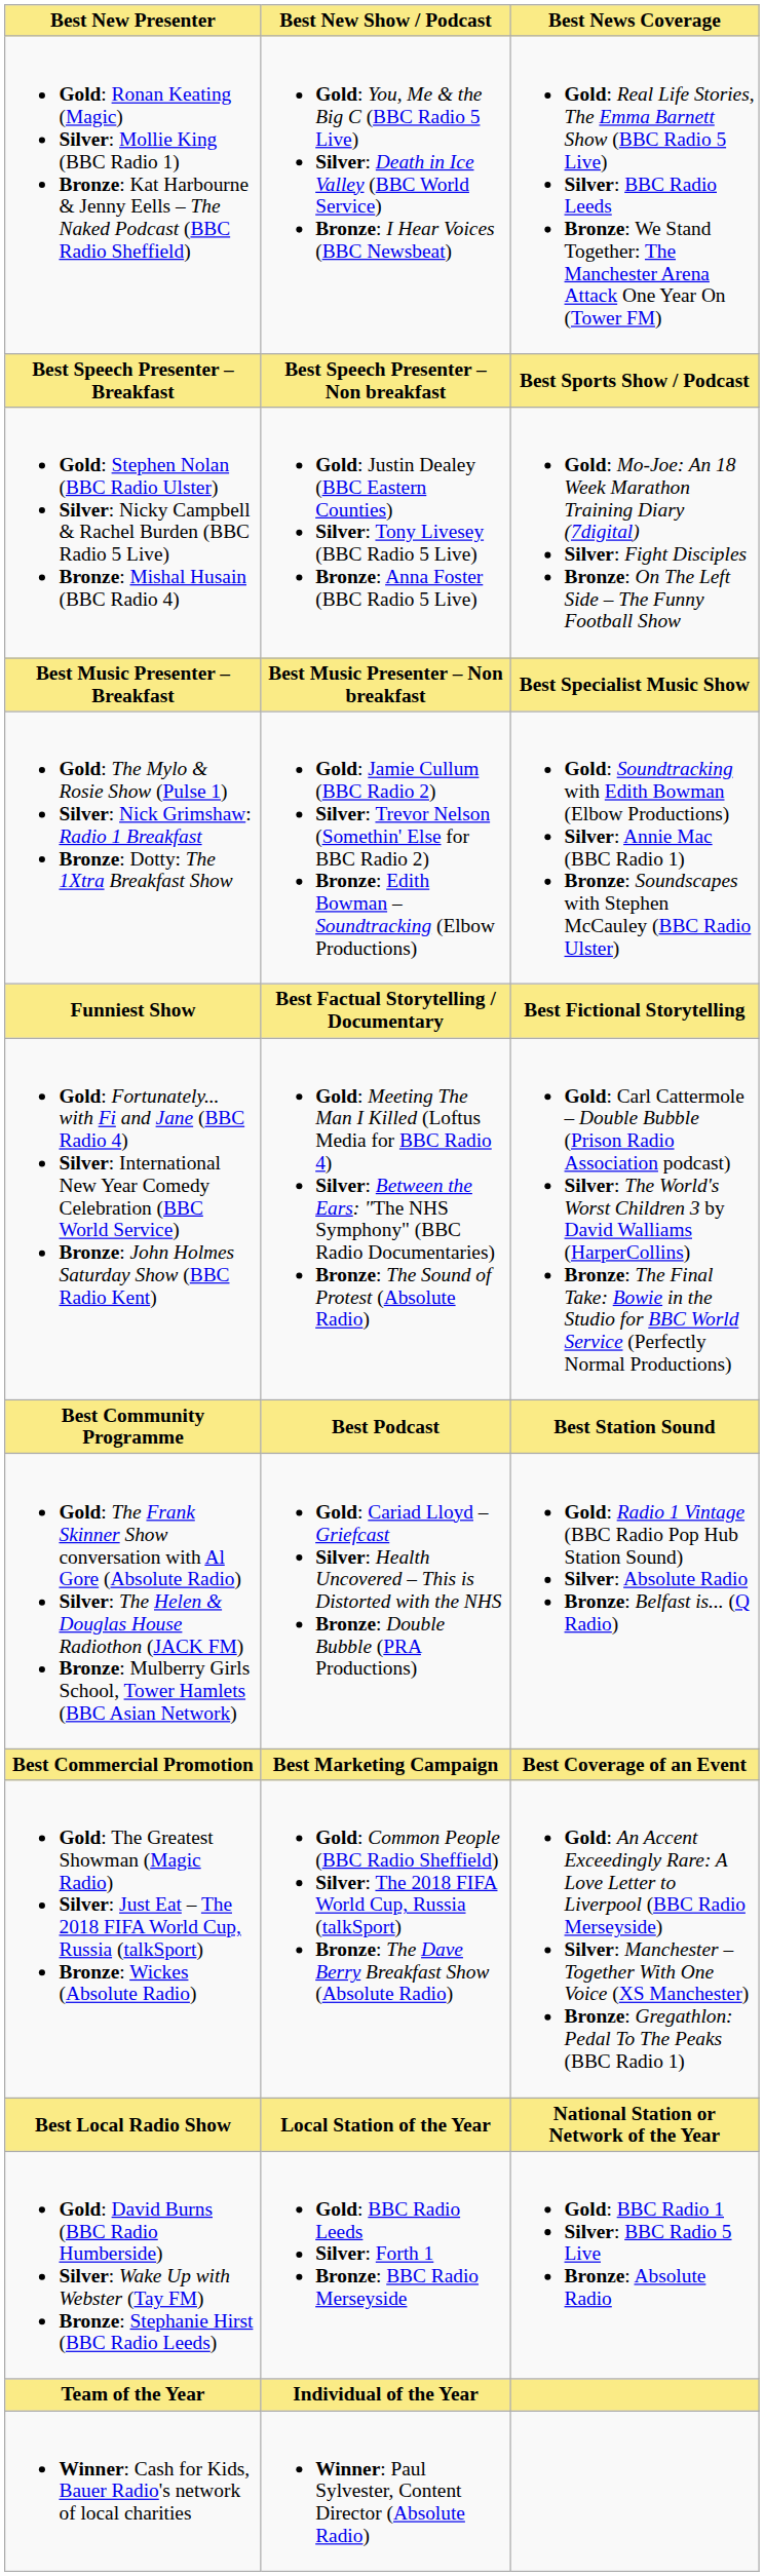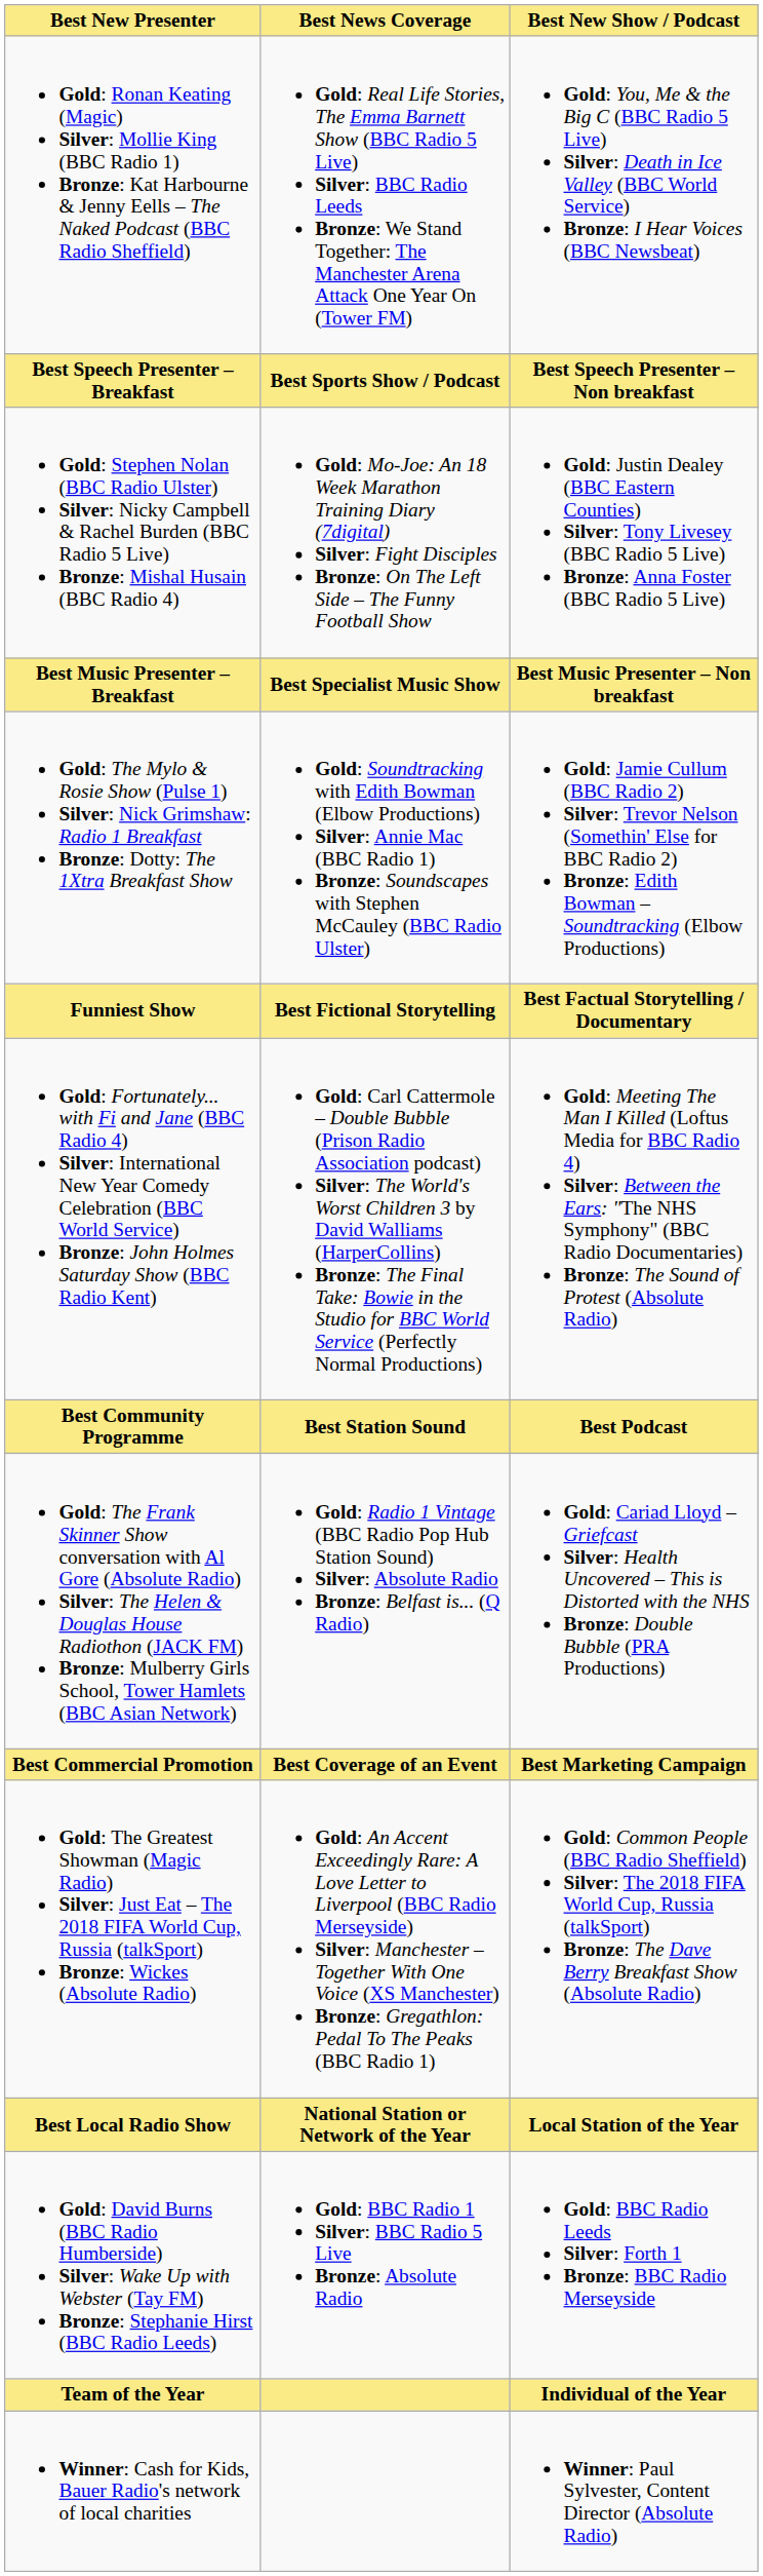 <table class=wikitable style=font-size:100%>
 <tr>
 <th style="background:#FAEB86;" width="34%">Best New Presenter</th>
+<th style="background:#FAEB86;" width="33%">Best News Coverage</th>
 <th style="background:#FAEB86;" width="33%">Best New Show / Podcast</th>
-<th style="background:#FAEB86;" width="33%">Best News Coverage</th>
 </tr>
 <tr>
 <td valign="top"><br><ul><li><strong>Gold</strong>: <a href='#'>Ronan Keating</a> (<a href='#'>Magic</a>)</li><li><strong>Silver</strong>: <a href='#'>Mollie King</a> (BBC Radio 1)</li><li><strong>Bronze</strong>: Kat Harbourne & Jenny Eells – <em>The Naked Podcast</em> (<a href='#'>BBC Radio Sheffield</a>)</li></ul></td>
+<td valign="top"><br><ul><li><strong>Gold</strong>: <em>Real Life Stories</em>, <em>The <a href='#'>Emma Barnett</a> Show</em> (<a href='#'>BBC Radio 5 Live</a>)</li><li><strong>Silver</strong>: <a href='#'>BBC Radio Leeds</a></li><li><strong>Bronze</strong>: We Stand Together: <a href='#'>The Manchester Arena Attack</a> One Year On (<a href='#'>Tower FM</a>)</li></ul></td>
 <td valign="top"><br><ul><li><strong>Gold</strong>: <em>You, Me & the Big C</em> (<a href='#'>BBC Radio 5 Live</a>)</li><li><strong>Silver</strong>: <em><a href='#'>Death in Ice Valley</a></em> (<a href='#'>BBC World Service</a>)</li><li><strong>Bronze</strong>: <em>I Hear Voices</em> (<a href='#'>BBC Newsbeat</a>)</li></ul></td>
-<td valign="top"><br><ul><li><strong>Gold</strong>: <em>Real Life Stories</em>, <em>The <a href='#'>Emma Barnett</a> Show</em> (<a href='#'>BBC Radio 5 Live</a>)</li><li><strong>Silver</strong>: <a href='#'>BBC Radio Leeds</a></li><li><strong>Bronze</strong>: We Stand Together: <a href='#'>The Manchester Arena Attack</a> One Year On (<a href='#'>Tower FM</a>)</li></ul></td>
 </tr>
 <tr>
 <th style="background:#FAEB86;" width="34%">Best Speech Presenter – Breakfast</th>
+<th style="background:#FAEB86;" width="33%">Best Sports Show / Podcast</th>
 <th style="background:#FAEB86;" width="33%">Best Speech Presenter – Non breakfast</th>
-<th style="background:#FAEB86;" width="33%">Best Sports Show / Podcast</th>
 </tr>
 <tr>
 <td valign="top"><br><ul><li><strong>Gold</strong>: <a href='#'>Stephen Nolan</a> (<a href='#'>BBC Radio Ulster</a>)</li><li><strong>Silver</strong>: Nicky Campbell & Rachel Burden (BBC Radio 5 Live)</li><li><strong>Bronze</strong>: <a href='#'>Mishal Husain</a> (BBC Radio 4)</li></ul></td>
+<td valign="top"><br><ul><li><strong>Gold</strong>: <em>Mo-Joe: An 18 Week Marathon Training Diary (<a href='#'>7digital</a>)</em></li><li><strong>Silver</strong>: <em>Fight Disciples</em></li><li><strong>Bronze</strong>: <em>On The Left Side – The Funny Football Show</em></li></ul></td>
 <td valign="top"><br><ul><li><strong>Gold</strong>: Justin Dealey (<a href='#'>BBC Eastern Counties</a>)</li><li><strong>Silver</strong>: <a href='#'>Tony Livesey</a> (BBC Radio 5 Live)</li><li><strong>Bronze</strong>: <a href='#'>Anna Foster</a> (BBC Radio 5 Live)</li></ul></td>
-<td valign="top"><br><ul><li><strong>Gold</strong>: <em>Mo-Joe: An 18 Week Marathon Training Diary (<a href='#'>7digital</a>)</em></li><li><strong>Silver</strong>: <em>Fight Disciples</em></li><li><strong>Bronze</strong>: <em>On The Left Side – The Funny Football Show</em></li></ul></td>
 </tr>
 <tr>
 <th style="background:#FAEB86;" width="34%">Best Music Presenter – Breakfast</th>
+<th style="background:#FAEB86;" width="33%">Best Specialist Music Show</th>
 <th style="background:#FAEB86;" width="33%">Best Music Presenter – Non breakfast</th>
-<th style="background:#FAEB86;" width="33%">Best Specialist Music Show</th>
 </tr>
 <tr>
 <td valign="top"><br><ul><li><strong>Gold</strong>: <em>The Mylo & Rosie Show</em> (<a href='#'>Pulse 1</a>)</li><li><strong>Silver</strong>: <a href='#'>Nick Grimshaw</a>: <em><a href='#'>Radio 1 Breakfast</a></em></li><li><strong>Bronze</strong>: Dotty: <em>The <a href='#'>1Xtra</a> Breakfast Show</em></li></ul></td>
+<td valign="top"><br><ul><li><strong>Gold</strong>: <em><a href='#'>Soundtracking</a></em> with <a href='#'>Edith Bowman</a> (Elbow Productions)</li><li><strong>Silver</strong>: <a href='#'>Annie Mac</a> (BBC Radio 1)</li><li><strong>Bronze</strong>: <em>Soundscapes</em> with Stephen McCauley (<a href='#'>BBC Radio Ulster</a>)</li></ul></td>
 <td valign="top"><br><ul><li><strong>Gold</strong>: <a href='#'>Jamie Cullum</a> (<a href='#'>BBC Radio 2</a>)</li><li><strong>Silver</strong>: <a href='#'>Trevor Nelson</a> (<a href='#'>Somethin' Else</a> for BBC Radio 2)</li><li><strong>Bronze</strong>: <a href='#'>Edith Bowman</a> <em>–</em> <em><a href='#'>Soundtracking</a></em> (Elbow Productions)</li></ul></td>
-<td valign="top"><br><ul><li><strong>Gold</strong>: <em><a href='#'>Soundtracking</a></em> with <a href='#'>Edith Bowman</a> (Elbow Productions)</li><li><strong>Silver</strong>: <a href='#'>Annie Mac</a> (BBC Radio 1)</li><li><strong>Bronze</strong>: <em>Soundscapes</em> with Stephen McCauley (<a href='#'>BBC Radio Ulster</a>)</li></ul></td>
 </tr>
 <tr>
 <th style="background:#FAEB86;" width="34%">Funniest Show</th>
+<th style="background:#FAEB86;" width="33%">Best Fictional Storytelling</th>
 <th style="background:#FAEB86;" width="33%">Best Factual Storytelling / Documentary</th>
-<th style="background:#FAEB86;" width="33%">Best Fictional Storytelling</th>
 </tr>
 <tr>
 <td valign="top"><br><ul><li><strong>Gold</strong>: <em>Fortunately... with <a href='#'>Fi</a> and <a href='#'>Jane</a></em> (<a href='#'>BBC Radio 4</a>)</li><li><strong>Silver</strong>: International New Year Comedy Celebration (<a href='#'>BBC World Service</a>)</li><li><strong>Bronze</strong>: <em>John Holmes Saturday Show</em> (<a href='#'>BBC Radio Kent</a>)</li></ul></td>
+<td valign="top"><br><ul><li><strong>Gold</strong>: Carl Cattermole – <em>Double Bubble</em> (<a href='#'>Prison Radio Association</a> podcast)</li><li><strong>Silver</strong>: <em>The World's Worst Children 3</em> by <a href='#'>David Walliams</a> (<a href='#'>HarperCollins</a>)</li><li><strong>Bronze</strong>: <em>The Final Take: <a href='#'>Bowie</a> in the Studio for <a href='#'>BBC World Service</a></em> (Perfectly Normal Productions)</li></ul></td>
 <td valign="top"><br><ul><li><strong>Gold</strong>: <em>Meeting The Man I Killed</em> (Loftus Media for <a href='#'>BBC Radio 4</a>)</li><li><strong>Silver</strong>: <em><a href='#'>Between the Ears</a>: "</em>The NHS Symphony" (BBC Radio Documentaries)</li><li><strong>Bronze</strong>: <em>The Sound of Protest</em> (<a href='#'>Absolute Radio</a>)</li></ul></td>
-<td valign="top"><br><ul><li><strong>Gold</strong>: Carl Cattermole – <em>Double Bubble</em> (<a href='#'>Prison Radio Association</a> podcast)</li><li><strong>Silver</strong>: <em>The World's Worst Children 3</em> by <a href='#'>David Walliams</a> (<a href='#'>HarperCollins</a>)</li><li><strong>Bronze</strong>: <em>The Final Take: <a href='#'>Bowie</a> in the Studio for <a href='#'>BBC World Service</a></em> (Perfectly Normal Productions)</li></ul></td>
 </tr>
 <tr>
 <th style="background:#FAEB86;" width="34%">Best Community Programme</th>
+<th style="background:#FAEB86;" width="33%">Best Station Sound</th>
 <th style="background:#FAEB86;" width="33%">Best Podcast</th>
-<th style="background:#FAEB86;" width="33%">Best Station Sound</th>
 </tr>
 <tr>
 <td valign="top"><br><ul><li><strong>Gold</strong>: <em>The <a href='#'>Frank Skinner</a> Show</em> conversation with <a href='#'>Al Gore</a> (<a href='#'>Absolute Radio</a>)</li><li><strong>Silver</strong>: <em>The <a href='#'>Helen & Douglas House</a> Radiothon</em> (<a href='#'>JACK FM</a>)</li><li><strong>Bronze</strong>: Mulberry Girls School, <a href='#'>Tower Hamlets</a> (<a href='#'>BBC Asian Network</a>)</li></ul></td>
+<td valign="top"><br><ul><li><strong>Gold</strong>: <em><a href='#'>Radio 1 Vintage</a></em> (BBC Radio Pop Hub Station Sound)</li><li><strong>Silver</strong>: <a href='#'>Absolute Radio</a></li><li><strong>Bronze</strong>: <em>Belfast is...</em> (<a href='#'>Q Radio</a>)</li></ul></td>
 <td valign="top"><br><ul><li><strong>Gold</strong>: <a href='#'>Cariad Lloyd</a> – <em><a href='#'>Griefcast</a></em></li><li><strong>Silver</strong>: <em>Health Uncovered – This is Distorted with the NHS</em></li><li><strong>Bronze</strong>: <em>Double Bubble</em> (<a href='#'>PRA</a> Productions)</li></ul></td>
-<td valign="top"><br><ul><li><strong>Gold</strong>: <em><a href='#'>Radio 1 Vintage</a></em> (BBC Radio Pop Hub Station Sound)</li><li><strong>Silver</strong>: <a href='#'>Absolute Radio</a></li><li><strong>Bronze</strong>: <em>Belfast is...</em> (<a href='#'>Q Radio</a>)</li></ul></td>
 </tr>
 <tr>
 <th style="background:#FAEB86;" width="34%">Best Commercial Promotion</th>
+<th style="background:#FAEB86;" width="33%">Best Coverage of an Event</th>
 <th style="background:#FAEB86;" width="33%">Best Marketing Campaign</th>
-<th style="background:#FAEB86;" width="33%">Best Coverage of an Event</th>
 </tr>
 <tr>
 <td valign="top"><br><ul><li><strong>Gold</strong>: The Greatest Showman (<a href='#'>Magic Radio</a>)</li><li><strong>Silver</strong>: <a href='#'>Just Eat</a> – <a href='#'>The 2018 FIFA World Cup, Russia</a> (<a href='#'>talkSport</a>)</li><li><strong>Bronze</strong>: <a href='#'>Wickes</a> (<a href='#'>Absolute Radio</a>)</li></ul></td>
+<td valign="top"><br><ul><li><strong>Gold</strong>: <em>An Accent Exceedingly Rare: A Love Letter to Liverpool</em> (<a href='#'>BBC Radio Merseyside</a>)</li><li><strong>Silver</strong>: <em>Manchester – Together With One Voice</em> (<a href='#'>XS Manchester</a>)</li><li><strong>Bronze</strong>: <em>Gregathlon: Pedal To The Peaks</em> (BBC Radio 1)</li></ul></td>
 <td valign="top"><br><ul><li><strong>Gold</strong>: <em>Common People</em> (<a href='#'>BBC Radio Sheffield</a>)</li><li><strong>Silver</strong>: <a href='#'>The 2018 FIFA World Cup, Russia</a> (<a href='#'>talkSport</a>)</li><li><strong>Bronze</strong>: <em>The <a href='#'>Dave Berry</a> Breakfast Show</em> (<a href='#'>Absolute Radio</a>)</li></ul></td>
-<td valign="top"><br><ul><li><strong>Gold</strong>: <em>An Accent Exceedingly Rare: A Love Letter to Liverpool</em> (<a href='#'>BBC Radio Merseyside</a>)</li><li><strong>Silver</strong>: <em>Manchester – Together With One Voice</em> (<a href='#'>XS Manchester</a>)</li><li><strong>Bronze</strong>: <em>Gregathlon: Pedal To The Peaks</em> (BBC Radio 1)</li></ul></td>
 </tr>
 <tr>
 <th style="background:#FAEB86;" width="34%">Best Local Radio Show</th>
+<th style="background:#FAEB86;" width="33%">National Station or Network of the Year</th>
 <th style="background:#FAEB86;" width="33%">Local Station of the Year</th>
-<th style="background:#FAEB86;" width="33%">National Station or Network of the Year</th>
 </tr>
 <tr>
 <td valign="top"><br><ul><li><strong>Gold</strong>: <a href='#'>David Burns</a> (<a href='#'>BBC Radio Humberside</a>)</li><li><strong>Silver</strong>: <em>Wake Up with Webster</em> (<a href='#'>Tay FM</a>)</li><li><strong>Bronze</strong>: <a href='#'>Stephanie Hirst</a> (<a href='#'>BBC Radio Leeds</a>)</li></ul></td>
+<td valign="top"><br><ul><li><strong>Gold</strong>: <a href='#'>BBC Radio 1</a></li><li><strong>Silver</strong>: <a href='#'>BBC Radio 5 Live</a></li><li><strong>Bronze</strong>: <a href='#'>Absolute Radio</a></li></ul></td>
 <td valign="top"><br><ul><li><strong>Gold</strong>: <a href='#'>BBC Radio Leeds</a></li><li><strong>Silver</strong>: <a href='#'>Forth 1</a></li><li><strong>Bronze</strong>: <a href='#'>BBC Radio Merseyside</a></li></ul></td>
-<td valign="top"><br><ul><li><strong>Gold</strong>: <a href='#'>BBC Radio 1</a></li><li><strong>Silver</strong>: <a href='#'>BBC Radio 5 Live</a></li><li><strong>Bronze</strong>: <a href='#'>Absolute Radio</a></li></ul></td>
 </tr>
 <tr>
 <th style="background:#FAEB86;" width="34%">Team of the Year</th>
+<th style="background:#FAEB86;" width="33%"></th>
 <th style="background:#FAEB86;" width="33%">Individual of the Year</th>
-<th style="background:#FAEB86;" width="33%"></th>
 </tr>
 <tr>
 <td valign="top"><br><ul><li><strong>Winner</strong>: Cash for Kids, <a href='#'>Bauer Radio</a>'s network of local charities</li></ul></td>
+<td valign="top"></td>
 <td valign="top"><br><ul><li><strong>Winner</strong>: Paul Sylvester, Content Director (<a href='#'>Absolute Radio</a>)</li></ul></td>
-<td valign="top"></td>
 </tr>
 </table>
